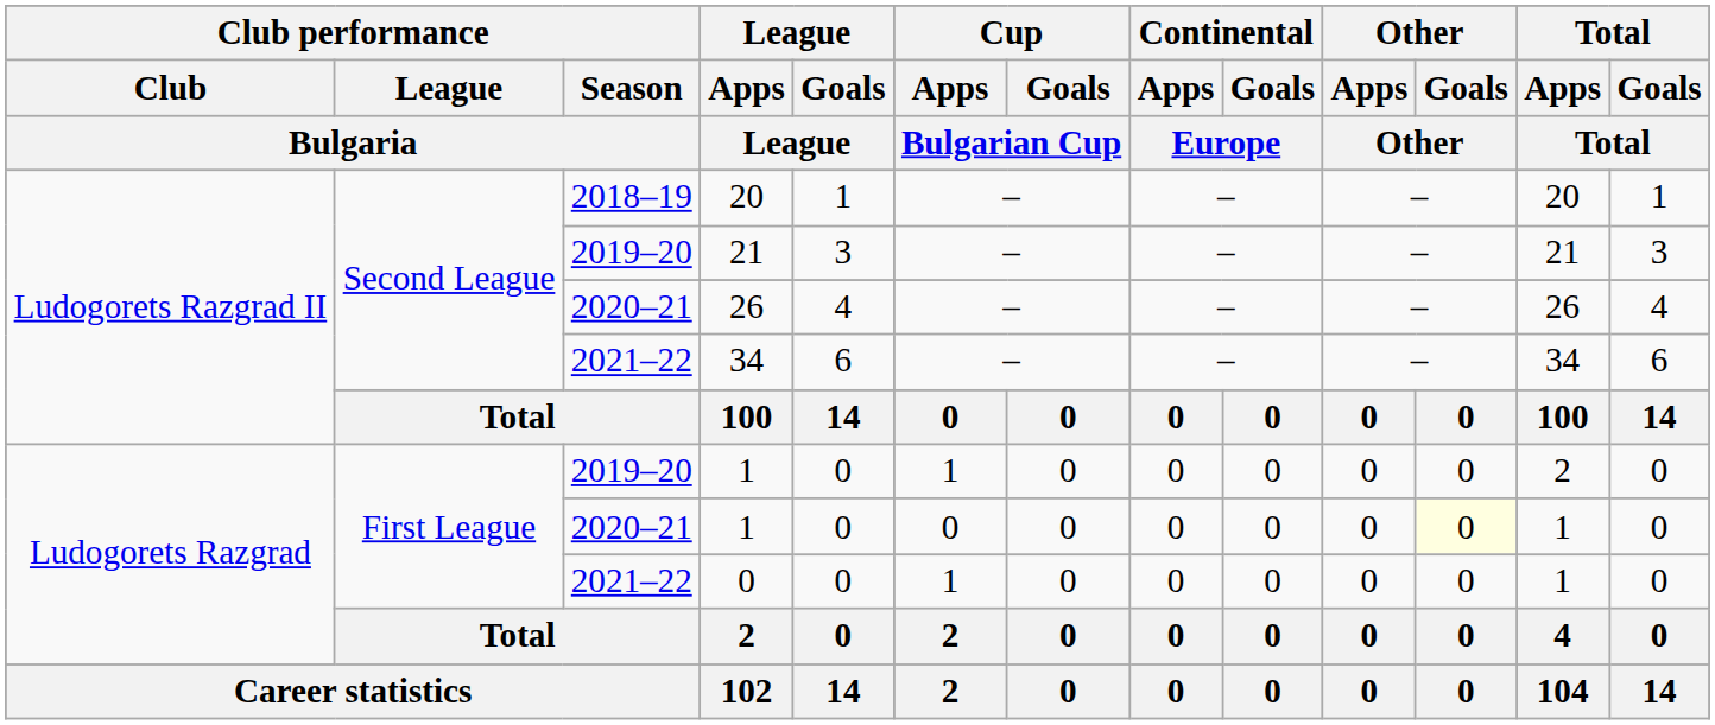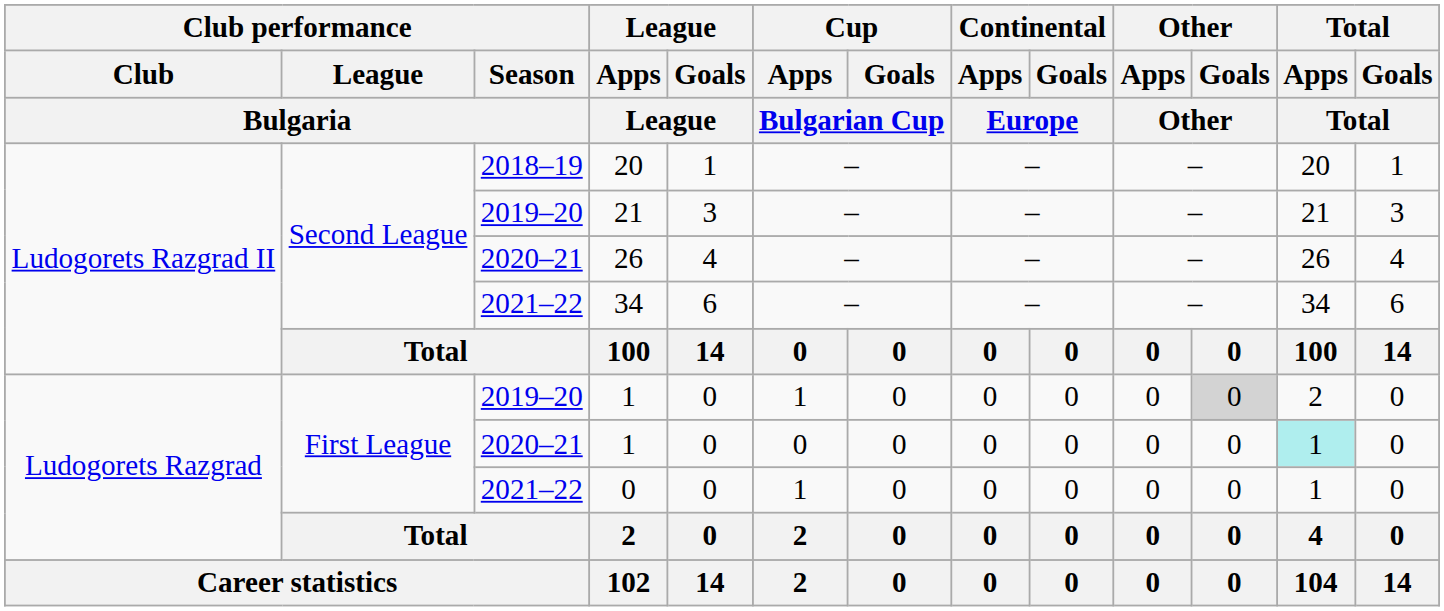 <table class="wikitable" style="text-align: center">
 <tr>
 <th colspan="3">Club performance</th>
 <th colspan="2">League</th>
 <th colspan="2">Cup</th>
 <th colspan="2">Continental</th>
 <th colspan="2">Other</th>
 <th colspan="3">Total</th>
 </tr>
 <tr>
 <th>Club</th>
 <th>League</th>
 <th>Season</th>
 <th>Apps</th>
 <th>Goals</th>
 <th>Apps</th>
 <th>Goals</th>
 <th>Apps</th>
 <th>Goals</th>
 <th>Apps</th>
 <th>Goals</th>
 <th>Apps</th>
 <th>Goals</th>
 </tr>
 <tr>
 <th colspan="3">Bulgaria</th>
 <th colspan="2">League</th>
 <th colspan="2"><a href='#'>Bulgarian Cup</a></th>
 <th colspan="2"><a href='#'>Europe</a></th>
 <th colspan="2">Other</th>
 <th colspan="2">Total</th>
 </tr>
 <tr>
 <td rowspan="5" valign="center"><a href='#'>Ludogorets Razgrad II</a></td>
 <td rowspan="4"><a href='#'>Second League</a></td>
 <td><a href='#'>2018–19</a></td>
 <td>20</td>
 <td>1</td>
 <td colspan="2">–</td>
 <td colspan="2">–</td>
 <td colspan="2">–</td>
 <td>20</td>
 <td>1</td>
 </tr>
 <tr>
 <td><a href='#'>2019–20</a></td>
 <td>21</td>
 <td>3</td>
 <td colspan="2">–</td>
 <td colspan="2">–</td>
 <td colspan="2">–</td>
 <td>21</td>
 <td>3</td>
 </tr>
 <tr>
 <td><a href='#'>2020–21</a></td>
 <td>26</td>
 <td>4</td>
 <td colspan="2">–</td>
 <td colspan="2">–</td>
 <td colspan="2">–</td>
 <td>26</td>
 <td>4</td>
 </tr>
 <tr>
 <td><a href='#'>2021–22</a></td>
 <td>34</td>
 <td>6</td>
 <td colspan="2">–</td>
 <td colspan="2">–</td>
 <td colspan="2">–</td>
 <td>34</td>
 <td>6</td>
 </tr>
 <tr>
 <th colspan=2>Total</th>
 <th>100</th>
 <th>14</th>
 <th>0</th>
 <th>0</th>
 <th>0</th>
 <th>0</th>
 <th>0</th>
 <th>0</th>
 <th>100</th>
 <th>14</th>
 </tr>
 <tr>
 <td rowspan="4" valign="center"><a href='#'>Ludogorets Razgrad</a></td>
 <td rowspan="3"><a href='#'>First League</a></td>
 <td><a href='#'>2019–20</a></td>
 <td>1</td>
 <td>0</td>
 <td>1</td>
 <td>0</td>
 <td>0</td>
 <td>0</td>
 <td>0</td>
-<td>0</td>
+<td style="background: lightgrey;">0</td>
 <td>2</td>
 <td>0</td>
 </tr>
 <tr>
 <td><a href='#'>2020–21</a></td>
 <td>1</td>
 <td>0</td>
 <td>0</td>
 <td>0</td>
 <td>0</td>
 <td>0</td>
 <td>0</td>
-<td style="background: lightyellow;">0</td>
-<td>1</td>
+<td>0</td>
+<td style="background: paleturquoise;">1</td>
 <td>0</td>
 </tr>
 <tr>
 <td><a href='#'>2021–22</a></td>
 <td>0</td>
 <td>0</td>
 <td>1</td>
 <td>0</td>
 <td>0</td>
 <td>0</td>
 <td>0</td>
 <td>0</td>
 <td>1</td>
 <td>0</td>
 </tr>
 <tr>
 <th colspan=2>Total</th>
 <th>2</th>
 <th>0</th>
 <th>2</th>
 <th>0</th>
 <th>0</th>
 <th>0</th>
 <th>0</th>
 <th>0</th>
 <th>4</th>
 <th>0</th>
 </tr>
 <tr>
 <th colspan="3">Career statistics</th>
 <th>102</th>
 <th>14</th>
 <th>2</th>
 <th>0</th>
 <th>0</th>
 <th>0</th>
 <th>0</th>
 <th>0</th>
 <th>104</th>
 <th>14</th>
 </tr>
 </table>
